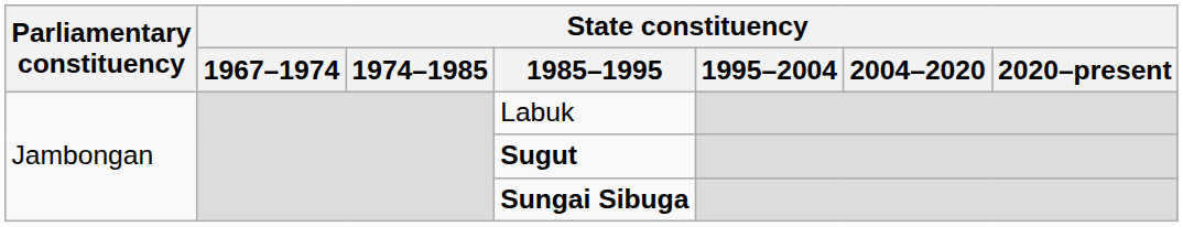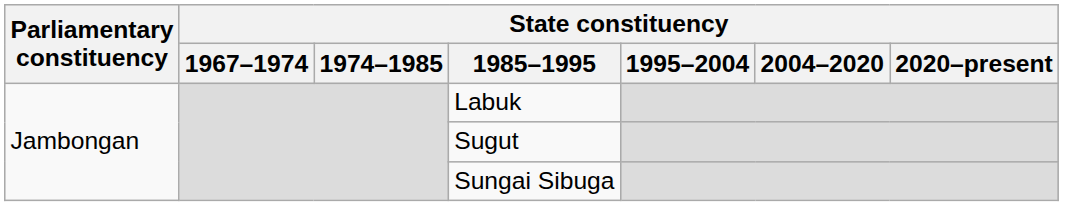 <table class=wikitable>
 <tr>
 <th rowspan=2>Parliamentary<br>constituency</th>
 <th colspan=6>State constituency</th>
 </tr>
 <tr>
 <th>1967–1974</th>
 <th>1974–1985</th>
 <th>1985–1995</th>
 <th>1995–2004</th>
 <th>2004–2020</th>
 <th>2020–present</th>
 </tr>
 <tr>
 <td rowspan=3>Jambongan</td>
 <td rowspan=3 colspan=2 bgcolor=dcdcdc></td>
 <td>Labuk</td>
 <td colspan=3 bgcolor=dcdcdc></td>
 </tr>
 <tr>
-<td><strong>Sugut</strong></td>
+<td>Sugut</td>
 <td colspan=3 bgcolor=dcdcdc></td>
 </tr>
 <tr>
-<td><strong>Sungai Sibuga</strong></td>
+<td>Sungai Sibuga</td>
 <td colspan=3 bgcolor=dcdcdc></td>
 </tr>
 </table>
